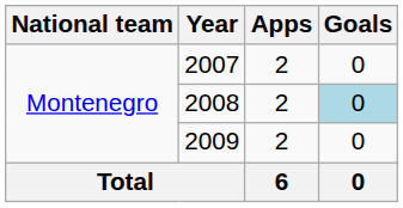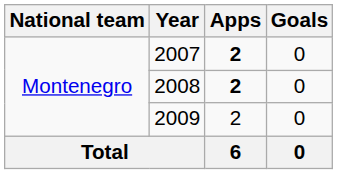 <table class="wikitable" style="text-align:center">
 <tr>
 <th>National team</th>
 <th>Year</th>
 <th>Apps</th>
 <th>Goals</th>
 </tr>
 <tr>
 <td rowspan="3" style="vertical-align:center"><a href='#'>Montenegro</a></td>
 <td>2007</td>
-<td>2</td>
+<td><strong>2</strong></td>
 <td>0</td>
 </tr>
 <tr>
 <td>2008</td>
-<td>2</td>
-<td style="background: lightblue;">0</td>
+<td><strong>2</strong></td>
+<td>0</td>
 </tr>
 <tr>
 <td>2009</td>
 <td>2</td>
 <td>0</td>
 </tr>
 <tr>
 <th colspan="2">Total</th>
 <th>6</th>
 <th>0</th>
 </tr>
 </table>
